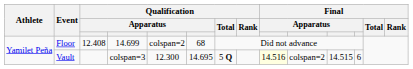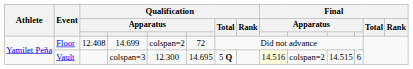 <table class="wikitable" style="font-size:90%">
 <tr>
 <th rowspan="3">Athlete</th>
 <th rowspan="3">Event</th>
 <th colspan=6>Qualification</th>
 <th colspan=6>Final</th>
 </tr>
 <tr style="font-size:95%">
 <th colspan = "4">Apparatus</th>
 <th rowspan=2>Total</th>
 <th rowspan=2>Rank</th>
 <th colspan = "4">Apparatus</th>
 <th rowspan=2>Total</th>
 <th rowspan=2>Rank</th>
 </tr>
 <tr style="font-size:95%">
 <th></th>
 <th></th>
 <th></th>
 <th></th>
 <th></th>
 <th></th>
 <th></th>
 <th></th>
 </tr>
 <tr align=center>
 <td align=left rowspan=2><a href='#'>Yamilet Peña</a></td>
 <td align=left><a href='#'>Floor</a></td>
 <td>12.408</td>
 <td>14.699</td>
 <td>colspan=2 </td>
-<td>68</td>
+<td>72</td>
 <td colspan=6>Did not advance</td>
 </tr>
 <tr align=center>
 <td align=left><a href='#'>Vault</a></td>
 <td></td>
 <td>colspan=3 </td>
 <td>12.300</td>
 <td>14.695</td>
 <td>5 <strong>Q</strong></td>
 <td></td>
 <td style="background: lightyellow;">14.516</td>
 <td>colspan=2 </td>
 <td>14.515</td>
 <td>6</td>
 </tr>
 </table>
